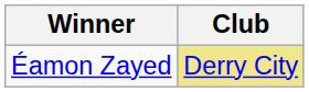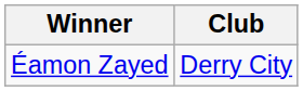 <table class="wikitable" style="text-align:center">
 <tr>
 <th>Winner</th>
 <th>Club</th>
 </tr>
 <tr>
 <td align="left"> <a href='#'>Éamon Zayed</a></td>
-<td align="left" style="background: khaki;"><a href='#'>Derry City</a></td>
+<td align="left"><a href='#'>Derry City</a></td>
 </tr>
 </table>
